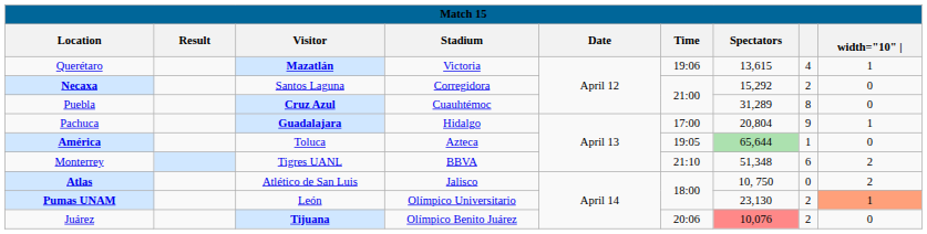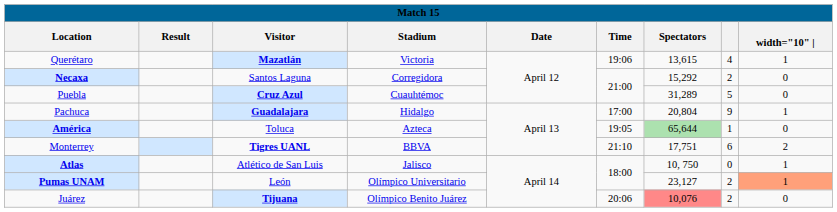 <table class="wikitable mw-collapsible mw-collapsed" style="font-size:95%; text-align: center; width: 95%;">
 <tr>
 <th colspan="9" style=" background: #006699 " width="100%;" align="center"><b>Match 15</b></th>
 </tr>
 <tr>
 <th width="125">Location</th>
 <th width="65">Result</th>
 <th width="125">Visitor</th>
 <th width="130">Stadium</th>
 <th width="100">Date</th>
 <th width="40">Time</th>
 <th width="50">Spectators</th>
 <th width="10"></th>
 <th><br>width="10" |</th>
 </tr>
 <tr aling="center">
 <td><a href='#'>Querétaro</a></td>
 <td></td>
 <td bgcolor="D0E7FF"><strong><a href='#'>Mazatlán</a></strong></td>
 <td><a href='#'>Victoria</a></td>
 <td rowspan="3">April 12</td>
 <td>19:06</td>
 <td>13,615</td>
 <td>4</td>
 <td>1</td>
 </tr>
 <tr aling="center">
 <td bgcolor="D0E7FF"><strong><a href='#'>Necaxa</a></strong></td>
 <td></td>
 <td><a href='#'>Santos Laguna</a></td>
 <td><a href='#'>Corregidora</a></td>
 <td rowspan="2">21:00</td>
 <td>15,292</td>
 <td>2</td>
 <td>0</td>
 </tr>
 <tr aling="center">
 <td><a href='#'>Puebla</a></td>
 <td></td>
 <td bgcolor="D0E7FF"><strong><a href='#'>Cruz Azul</a></strong></td>
 <td><a href='#'>Cuauhtémoc</a></td>
 <td>31,289</td>
-<td>8</td>
+<td>5</td>
 <td>0</td>
 </tr>
 <tr aling="center">
 <td><a href='#'>Pachuca</a></td>
 <td></td>
 <td bgcolor="D0E7FF"><strong><a href='#'>Guadalajara</a></strong></td>
 <td><a href='#'>Hidalgo</a></td>
 <td rowspan="3">April 13</td>
 <td>17:00</td>
 <td>20,804</td>
 <td>9</td>
 <td>1</td>
 </tr>
 <tr aling="center">
 <td bgcolor="D0E7FF"><strong><a href='#'>América</a></strong></td>
 <td></td>
 <td><a href='#'>Toluca</a></td>
 <td><a href='#'>Azteca</a></td>
 <td>19:05</td>
 <td bgcolor=#ACE1AF>65,644</td>
 <td>1</td>
 <td>0</td>
 </tr>
 <tr aling="center">
 <td><a href='#'>Monterrey</a></td>
 <td bgcolor="D0E7FF"><strong></strong></td>
-<td><a href='#'>Tigres UANL</a></td>
+<td><strong><a href='#'>Tigres UANL</a></strong></td>
 <td><a href='#'>BBVA</a></td>
 <td>21:10</td>
-<td>51,348</td>
+<td>17,751</td>
 <td>6</td>
 <td>2</td>
 </tr>
 <tr aling="center">
 <td bgcolor="D0E7FF"><strong><a href='#'>Atlas</a></strong></td>
 <td></td>
 <td><a href='#'>Atlético de San Luis</a></td>
 <td><a href='#'>Jalisco</a></td>
 <td rowspan="3">April 14</td>
 <td rowspan="2">18:00</td>
 <td>10, 750</td>
 <td>0</td>
-<td>2</td>
+<td>1</td>
 </tr>
 <tr aling="center">
 <td bgcolor="D0E7FF"><strong><a href='#'>Pumas UNAM</a></strong></td>
 <td></td>
 <td><a href='#'>León</a></td>
 <td><a href='#'>Olímpico Universitario</a></td>
-<td>23,130</td>
+<td>23,127</td>
 <td>2</td>
 <td style="background: lightsalmon;">1</td>
 </tr>
 <tr aling="center">
 <td><a href='#'>Juárez</a></td>
 <td></td>
 <td bgcolor="D0E7FF"><strong><a href='#'>Tijuana</a></strong></td>
 <td><a href='#'>Olímpico Benito Juárez</a></td>
 <td>20:06</td>
 <td bgcolor=#FF8888>10,076</td>
 <td>2</td>
 <td>0</td>
 </tr>
 </table>
